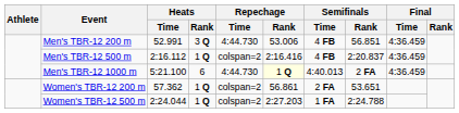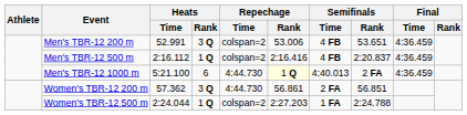 <table class=wikitable style="font-size:90%; text-align:center;">
 <tr>
 <th rowspan=2>Athlete</th>
 <th rowspan=2>Event</th>
 <th colspan=2>Heats</th>
 <th colspan=2>Repechage</th>
 <th colspan=2>Semifinals</th>
 <th colspan=2>Final</th>
 </tr>
 <tr>
 <th>Time</th>
 <th>Rank</th>
 <th>Time</th>
 <th>Rank</th>
 <th>Time</th>
 <th>Rank</th>
 <th>Time</th>
 <th>Rank</th>
 </tr>
 <tr>
 <td align=left rowspan=3><strong></strong></td>
 <td align=left><a href='#'>Men's TBR-12 200 m</a></td>
 <td>52.991</td>
 <td>3 <strong>Q</strong></td>
-<td>4:44.730</td>
+<td>colspan=2 </td>
 <td>53.006</td>
 <td>4 <strong>FB</strong></td>
-<td>56.851</td>
+<td>53.651</td>
 <td>4:36.459</td>
 </tr>
 <tr>
 <td align=left><a href='#'>Men's TBR-12 500 m</a></td>
 <td>2:16.112</td>
 <td>1 <strong>Q</strong></td>
 <td>colspan=2 </td>
 <td>2:16.416</td>
 <td>4 <strong>FB</strong></td>
 <td>2:20.837</td>
 <td>4:36.459</td>
 </tr>
 <tr>
 <td align=left><a href='#'>Men's TBR-12 1000 m</a></td>
 <td>5:21.100</td>
 <td>6</td>
 <td>4:44.730</td>
 <td style="background: lightyellow;">1 <strong>Q</strong></td>
 <td>4:40.013</td>
 <td>2 <strong>FA</strong></td>
 <td>4:36.459</td>
 <td></td>
 </tr>
 <tr>
 <td align=left rowspan=2><strong></strong></td>
 <td align=left><a href='#'>Women's TBR-12 200 m</a></td>
 <td>57.362</td>
-<td>1 <strong>Q</strong></td>
-<td>colspan=2 </td>
+<td>3 <strong>Q</strong></td>
+<td>4:44.730</td>
 <td>56.861</td>
 <td>2 <strong>FA</strong></td>
-<td>53.651</td>
+<td>56.851</td>
 <td></td>
 </tr>
 <tr>
 <td align=left><a href='#'>Women's TBR-12 500 m</a></td>
 <td>2:24.044</td>
 <td>1 <strong>Q</strong></td>
 <td>colspan=2 </td>
 <td>2:27.203</td>
 <td>1 <strong>FA</strong></td>
 <td>2:24.788</td>
 <td></td>
 </tr>
 </table>
